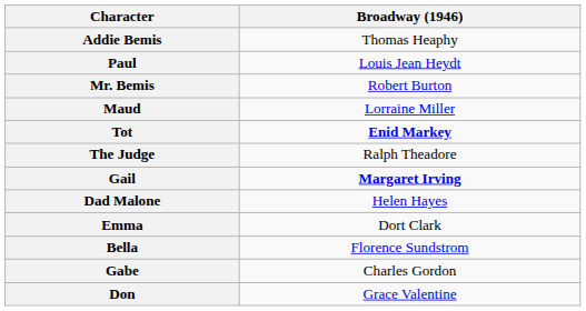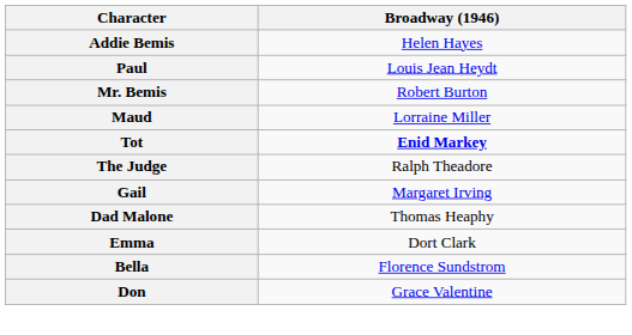 <table class="wikitable" style="width:50%; text-align:center">
 <tr>
 <th scope="col">Character</th>
 <th>Broadway (1946)</th>
 </tr>
 <tr>
 <th>Addie Bemis</th>
-<td colspan="1">Thomas Heaphy</td>
+<td colspan="1"><a href='#'>Helen Hayes</a></td>
 </tr>
 <tr>
 <th>Paul</th>
 <td colspan="1”"><a href='#'>Louis Jean Heydt</a></td>
 </tr>
 <tr>
 <th>Mr. Bemis</th>
 <td colspan="1”"><a href='#'>Robert Burton</a></td>
 </tr>
 <tr>
 <th>Maud</th>
 <td colspan="1"><a href='#'>Lorraine Miller</a></td>
 </tr>
 <tr>
 <th>Tot</th>
 <td colspan="1"><strong><a href='#'>Enid Markey</a></strong></td>
 </tr>
 <tr>
 <th>The Judge</th>
 <td colspan="1">Ralph Theadore</td>
 </tr>
 <tr>
 <th>Gail</th>
-<td colspan="1"><strong><a href='#'>Margaret Irving</a></strong></td>
+<td colspan="1"><a href='#'>Margaret Irving</a></td>
 </tr>
 <tr>
 <th>Dad Malone</th>
-<td colspan="1"><a href='#'>Helen Hayes</a></td>
+<td colspan="1">Thomas Heaphy</td>
 </tr>
 <tr>
 <th>Emma</th>
 <td colspan="1">Dort Clark</td>
 </tr>
 <tr>
 <th>Bella</th>
 <td colspan="1"><a href='#'>Florence Sundstrom</a></td>
 </tr>
 <tr>
-<th>Gabe</th>
-<td colspan="1">Charles Gordon</td>
-</tr>
-<tr>
 <th>Don</th>
 <td colspan="1"><a href='#'>Grace Valentine</a></td>
 </tr>
 </table>
